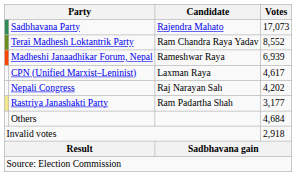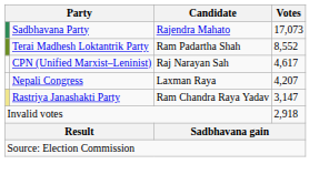 <table class="wikitable">
 <tr>
 <th colspan="2">Party</th>
 <th>Candidate</th>
 <th>Votes</th>
 </tr>
 <tr>
 <td style="background-color:seagreen"></td>
 <td><a href='#'>Sadbhavana Party</a></td>
 <td><a href='#'>Rajendra Mahato</a></td>
 <td>17,073</td>
 </tr>
 <tr>
 <td style="background-color:olivedrab"></td>
 <td><a href='#'>Terai Madhesh Loktantrik Party</a></td>
-<td>Ram Chandra Raya Yadav</td>
+<td>Ram Padartha Shah</td>
 <td>8,552</td>
-</tr>
-<tr>
-<td style="background-color:orangered"></td>
-<td><a href='#'>Madheshi Janaadhikar Forum, Nepal</a></td>
-<td>Rameshwar Raya</td>
-<td>6,939</td>
 </tr>
 <tr>
 <td style="background-color:"></td>
 <td><a href='#'>CPN (Unified Marxist–Leninist)</a></td>
-<td>Laxman Raya</td>
+<td>Raj Narayan Sah</td>
 <td>4,617</td>
 </tr>
 <tr>
 <td style="background-color:"></td>
 <td><a href='#'>Nepali Congress</a></td>
-<td>Raj Narayan Sah</td>
-<td>4,202</td>
+<td>Laxman Raya</td>
+<td>4,207</td>
 </tr>
 <tr>
 <td style="background-color:khaki"></td>
 <td><a href='#'>Rastriya Janashakti Party</a></td>
-<td>Ram Padartha Shah</td>
-<td>3,177</td>
-</tr>
-<tr>
-<td></td>
-<td>Others</td>
-<td></td>
-<td>4,684</td>
+<td>Ram Chandra Raya Yadav</td>
+<td>3,147</td>
 </tr>
 <tr>
 <td colspan="3">Invalid votes</td>
 <td>2,918</td>
 </tr>
 <tr>
 <th colspan="2">Result</th>
 <th colspan="2">Sadbhavana gain</th>
 </tr>
 <tr>
 <td colspan="4">Source: Election Commission</td>
 </tr>
 </table>
